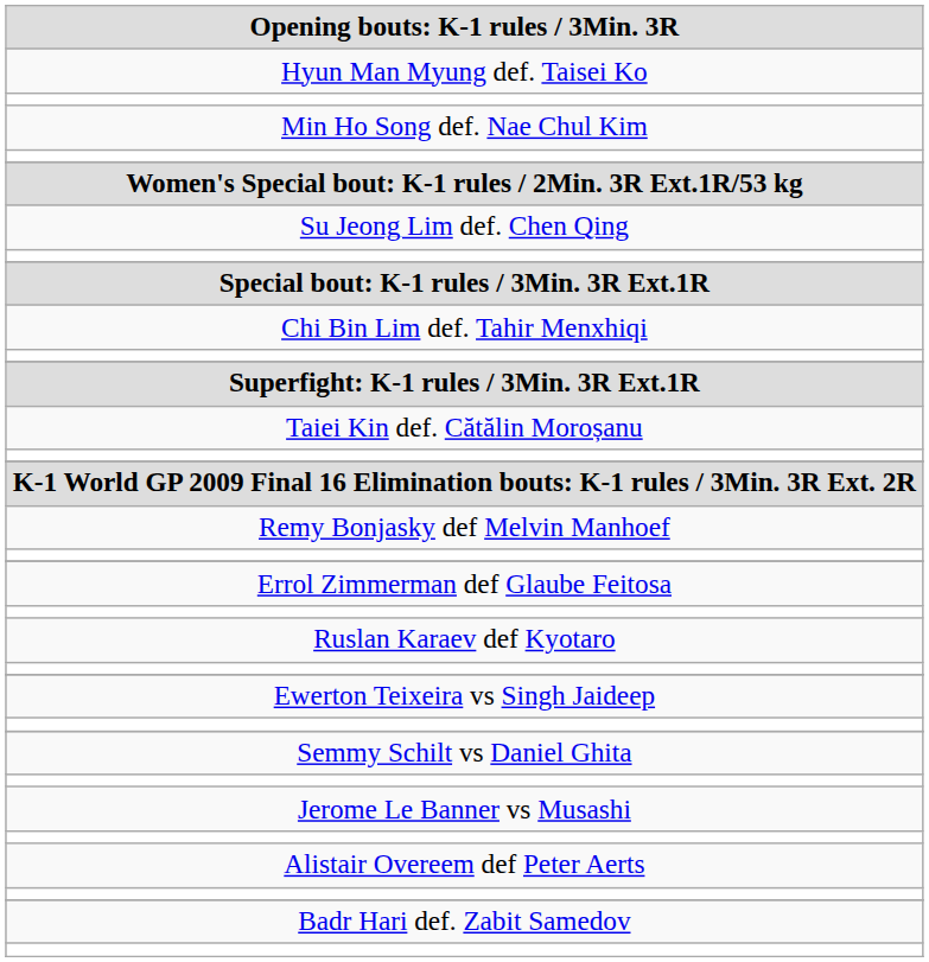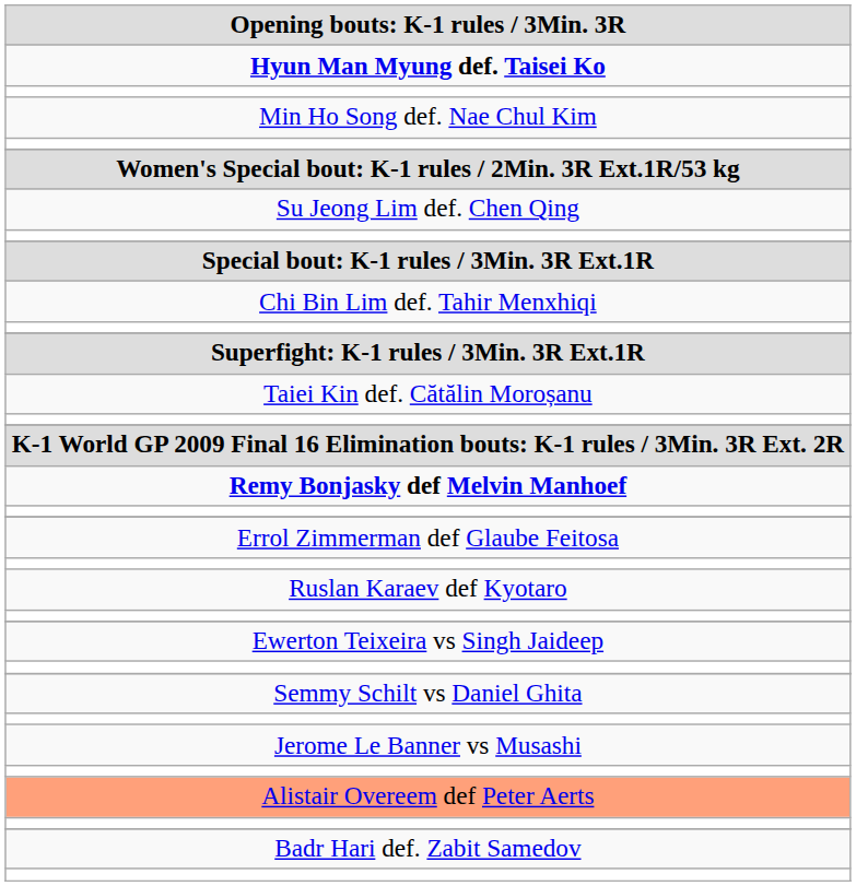 <table class="wikitable" style="clear:both; margin:1.5em auto; text-align:center;">
 <tr align="center"  bgcolor="#dddddd">
 <td><strong>Opening bouts: K-1 rules / 3Min. 3R</strong></td>
 </tr>
 <tr align="center"  bgcolor=>
-<td align=center> <a href='#'>Hyun Man Myung</a> def. <a href='#'>Taisei Ko</a> </td>
+<td align=center><strong> <a href='#'>Hyun Man Myung</a> def. <a href='#'>Taisei Ko</a> </strong></td>
 </tr>
 <tr>
 <th style=background:white colspan=2></th>
 </tr>
 <tr>
 <td align=center> <a href='#'>Min Ho Song</a> def. <a href='#'>Nae Chul Kim</a> </td>
 </tr>
 <tr>
 <th style=background:white colspan=2></th>
 </tr>
 <tr>
 </tr>
 <tr align="center"  bgcolor="#dddddd">
 <td><strong>Women's Special bout: K-1 rules / 2Min. 3R Ext.1R/53 kg</strong></td>
 </tr>
 <tr align="center"  bgcolor=>
 <td align=center> <a href='#'>Su Jeong Lim</a> def. <a href='#'>Chen Qing</a> </td>
 </tr>
 <tr>
 <th style=background:white colspan=2></th>
 </tr>
 <tr>
 </tr>
 <tr align="center"  bgcolor="#dddddd">
 <td><strong>Special bout: K-1 rules / 3Min. 3R Ext.1R</strong></td>
 </tr>
 <tr align="center"  bgcolor=>
 <td align=center> <a href='#'>Chi Bin Lim</a> def. <a href='#'>Tahir Menxhiqi</a> </td>
 </tr>
 <tr>
 <th style=background:white colspan=2></th>
 </tr>
 <tr>
 </tr>
 <tr align="center"  bgcolor="#dddddd">
 <td><strong>Superfight: K-1 rules / 3Min. 3R Ext.1R</strong></td>
 </tr>
 <tr align="center"  bgcolor=>
 <td align=center> <a href='#'>Taiei Kin</a> def. <a href='#'>Cătălin Moroșanu</a> </td>
 </tr>
 <tr>
 <th style=background:white colspan=2></th>
 </tr>
 <tr>
 </tr>
 <tr align="center"  bgcolor="#dddddd">
 <td><strong>K-1 World GP 2009 Final 16 Elimination bouts: K-1 rules / 3Min. 3R Ext. 2R</strong></td>
 </tr>
 <tr>
-<td align=center> <a href='#'>Remy Bonjasky</a> def <a href='#'>Melvin Manhoef</a> </td>
+<td align=center><strong> <a href='#'>Remy Bonjasky</a> def <a href='#'>Melvin Manhoef</a> </strong></td>
 </tr>
 <tr>
 <th style=background:white colspan=2></th>
 </tr>
 <tr>
 </tr>
 <tr>
 <td align=center> <a href='#'>Errol Zimmerman</a> def <a href='#'>Glaube Feitosa</a> </td>
 </tr>
 <tr>
 <th style=background:white colspan=2></th>
 </tr>
 <tr>
 <td align=center> <a href='#'>Ruslan Karaev</a> def <a href='#'>Kyotaro</a> </td>
 </tr>
 <tr>
 <th style=background:white colspan=2></th>
 </tr>
 <tr>
 </tr>
 <tr align="center"  bgcolor=>
 <td align=center> <a href='#'>Ewerton Teixeira</a> vs <a href='#'>Singh Jaideep</a> </td>
 </tr>
 <tr>
 <th style=background:white colspan=2></th>
 </tr>
 <tr>
 </tr>
 <tr align="center"  bgcolor=>
 <td align=center> <a href='#'>Semmy Schilt</a> vs <a href='#'>Daniel Ghita</a> </td>
 </tr>
 <tr>
 <th style=background:white colspan=2></th>
 </tr>
 <tr>
 <td align=center> <a href='#'>Jerome Le Banner</a> vs <a href='#'>Musashi</a> </td>
 </tr>
 <tr>
 <th style=background:white colspan=2></th>
 </tr>
 <tr>
-<td align=center> <a href='#'>Alistair Overeem</a> def <a href='#'>Peter Aerts</a> </td>
+<td align=center style="background: lightsalmon;"> <a href='#'>Alistair Overeem</a> def <a href='#'>Peter Aerts</a> </td>
 </tr>
 <tr>
 <th style=background:white colspan=2></th>
 </tr>
 <tr>
 </tr>
 <tr align="center"  bgcolor=>
 <td align=center> <a href='#'>Badr Hari</a> def. <a href='#'>Zabit Samedov</a> </td>
 </tr>
 <tr>
 <th style=background:white colspan=2></th>
 </tr>
 <tr>
 </tr>
 </table>
